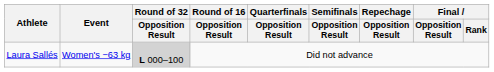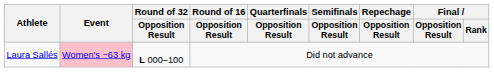 <table class="wikitable" style="font-size:90%">
 <tr>
 <th rowspan=2>Athlete</th>
 <th rowspan=2>Event</th>
 <th>Round of 32</th>
 <th>Round of 16</th>
 <th>Quarterfinals</th>
 <th>Semifinals</th>
 <th>Repechage</th>
 <th colspan=2>Final / </th>
 </tr>
 <tr style="font-size:95%">
 <th>Opposition<br>Result</th>
 <th>Opposition<br>Result</th>
 <th>Opposition<br>Result</th>
 <th>Opposition<br>Result</th>
 <th>Opposition<br>Result</th>
 <th>Opposition<br>Result</th>
 <th>Rank</th>
 </tr>
 <tr align=center>
 <td align=left><a href='#'>Laura Sallés</a></td>
-<td align=left><a href='#'>Women's −63 kg</a></td>
-<td style="background: lightgrey;"><br><strong>L</strong> 000–100</td>
+<td align=left style="background: pink;"><a href='#'>Women's −63 kg</a></td>
+<td><br><strong>L</strong> 000–100</td>
 <td colspan=6>Did not advance</td>
 </tr>
 </table>
